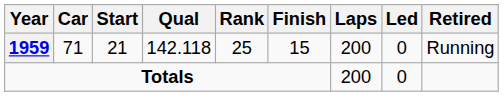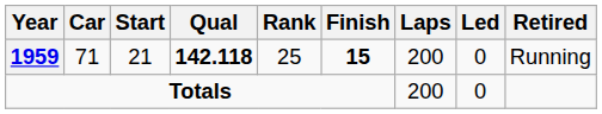 <table class=wikitable style="text-align:center">
 <tr>
 <th>Year</th>
 <th>Car</th>
 <th>Start</th>
 <th>Qual</th>
 <th>Rank</th>
 <th>Finish</th>
 <th>Laps</th>
 <th>Led</th>
 <th>Retired</th>
 </tr>
 <tr>
 <th><a href='#'>1959</a></th>
 <td>71</td>
 <td>21</td>
-<td>142.118</td>
+<td><strong>142.118</strong></td>
 <td>25</td>
-<td>15</td>
+<td><strong>15</strong></td>
 <td>200</td>
 <td>0</td>
 <td>Running</td>
 </tr>
 <tr>
 <td colspan=6><strong>Totals</strong></td>
 <td>200</td>
 <td>0</td>
 <td></td>
 </tr>
 </table>
